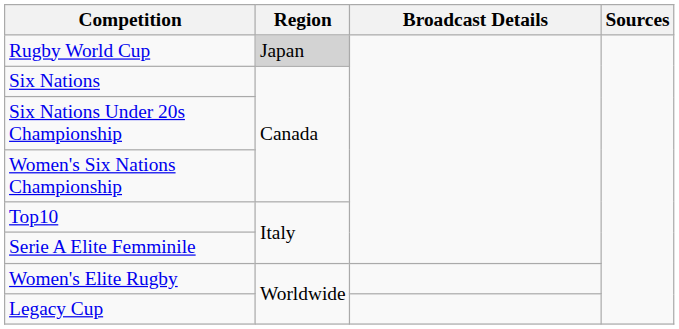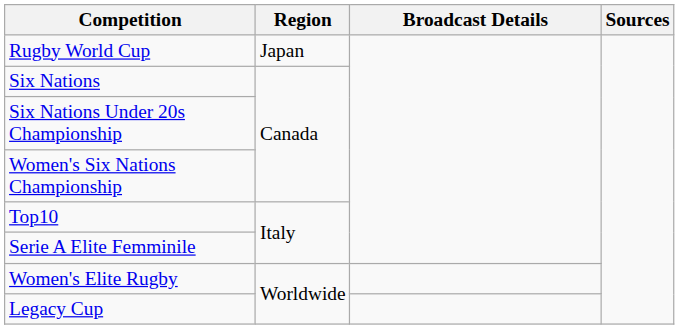 <table class="wikitable">
 <tr>
 <th width="200">Competition</th>
 <th>Region</th>
 <th width="200">Broadcast Details</th>
 <th>Sources</th>
 </tr>
 <tr>
 <td><a href='#'>Rugby World Cup</a></td>
-<td style="background: lightgrey;">Japan</td>
+<td>Japan</td>
 <td rowspan="6"></td>
 </tr>
 <tr>
 <td><a href='#'>Six Nations</a></td>
 <td rowspan="3">Canada</td>
 </tr>
 <tr>
 <td><a href='#'>Six Nations Under 20s Championship</a></td>
 </tr>
 <tr>
 <td><a href='#'>Women's Six Nations Championship</a></td>
 </tr>
 <tr>
 <td><a href='#'>Top10</a></td>
 <td rowspan="2">Italy</td>
 </tr>
 <tr>
 <td><a href='#'>Serie A Elite Femminile</a></td>
 </tr>
 <tr>
 <td><a href='#'>Women's Elite Rugby</a></td>
 <td rowspan="2">Worldwide</td>
 <td></td>
 </tr>
 <tr>
 <td><a href='#'>Legacy Cup</a></td>
 <td></td>
 </tr>
 </table>
